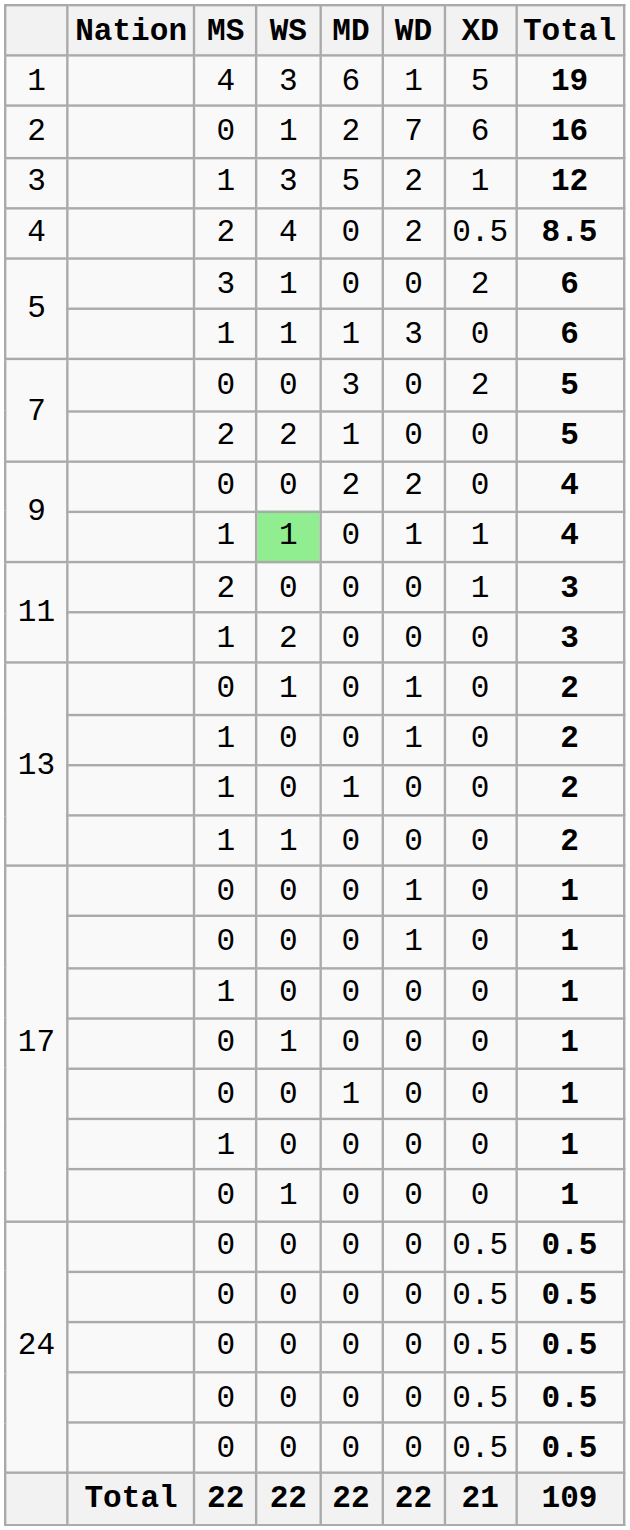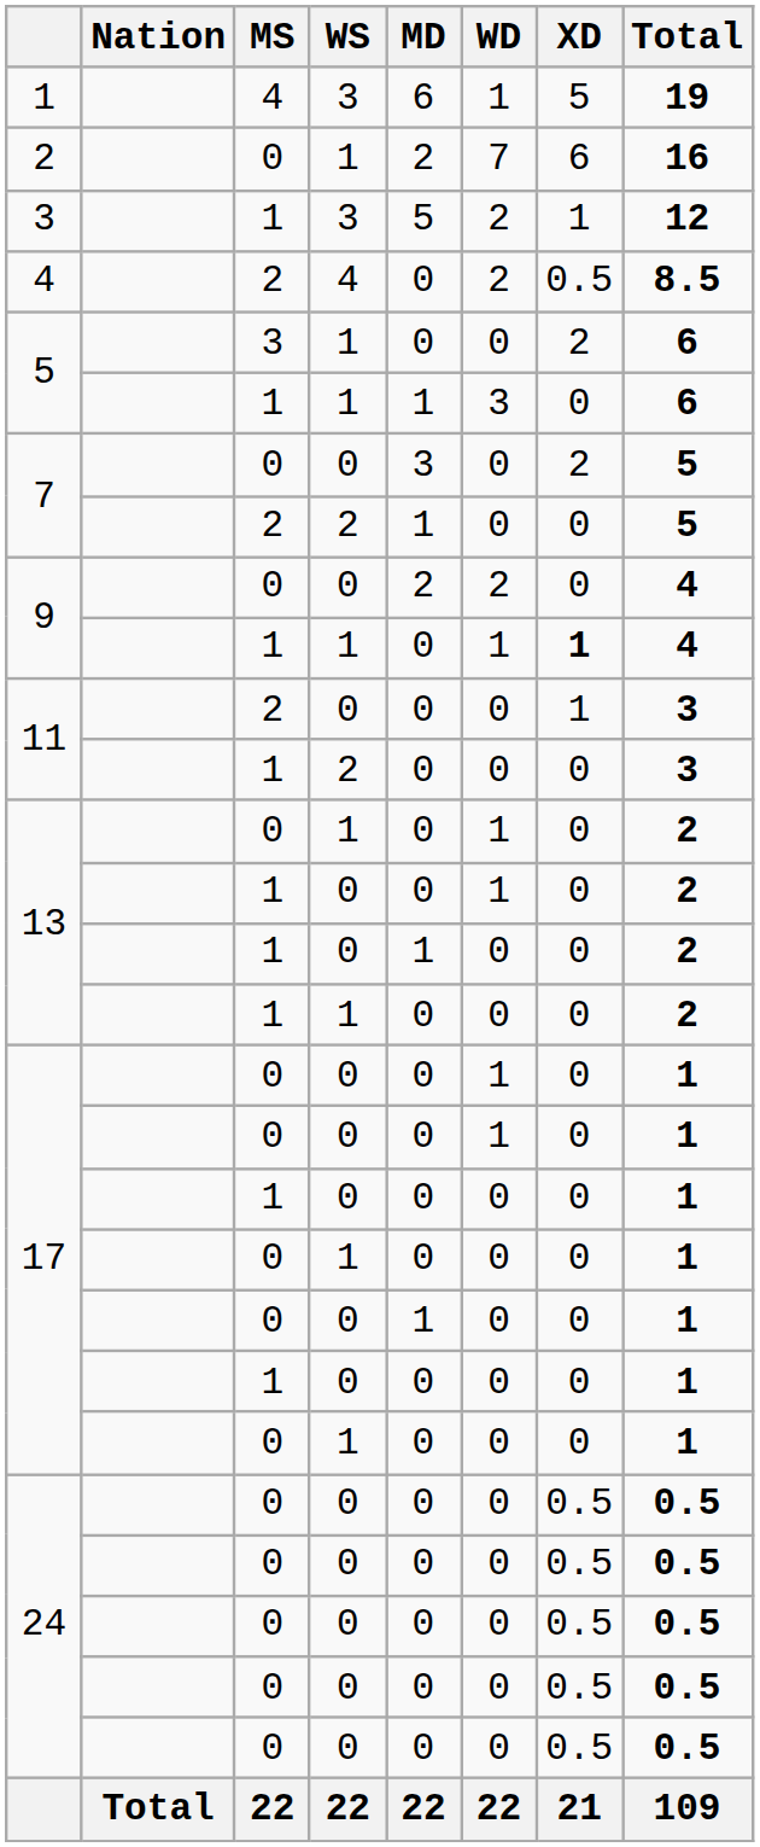 <table class="wikitable" style="text-align:center">
 <tr>
 <th width="20"></th>
 <th>Nation</th>
 <th width="20">MS</th>
 <th width="20">WS</th>
 <th width="20">MD</th>
 <th width="20">WD</th>
 <th width="20">XD</th>
 <th>Total</th>
 </tr>
 <tr>
 <td>1</td>
 <td align=left></td>
 <td>4</td>
 <td>3</td>
 <td>6</td>
 <td>1</td>
 <td>5</td>
 <td><strong>19</strong></td>
 </tr>
 <tr>
 <td>2</td>
 <td align=left></td>
 <td>0</td>
 <td>1</td>
 <td>2</td>
 <td>7</td>
 <td>6</td>
 <td><strong>16</strong></td>
 </tr>
 <tr>
 <td>3</td>
 <td align=left></td>
 <td>1</td>
 <td>3</td>
 <td>5</td>
 <td>2</td>
 <td>1</td>
 <td><strong>12</strong></td>
 </tr>
 <tr>
 <td>4</td>
 <td align=left><strong></strong></td>
 <td>2</td>
 <td>4</td>
 <td>0</td>
 <td>2</td>
 <td>0.5</td>
 <td><strong>8.5</strong></td>
 </tr>
 <tr>
 <td rowspan=2>5</td>
 <td align=left></td>
 <td>3</td>
 <td>1</td>
 <td>0</td>
 <td>0</td>
 <td>2</td>
 <td><strong>6</strong></td>
 </tr>
 <tr>
 <td align=left></td>
 <td>1</td>
 <td>1</td>
 <td>1</td>
 <td>3</td>
 <td>0</td>
 <td><strong>6</strong></td>
 </tr>
 <tr>
 <td rowspan=2>7</td>
 <td align=left></td>
 <td>0</td>
 <td>0</td>
 <td>3</td>
 <td>0</td>
 <td>2</td>
 <td><strong>5</strong></td>
 </tr>
 <tr>
 <td align=left></td>
 <td>2</td>
 <td>2</td>
 <td>1</td>
 <td>0</td>
 <td>0</td>
 <td><strong>5</strong></td>
 </tr>
 <tr>
 <td rowspan=2>9</td>
 <td align=left></td>
 <td>0</td>
 <td>0</td>
 <td>2</td>
 <td>2</td>
 <td>0</td>
 <td><strong>4</strong></td>
 </tr>
 <tr>
 <td align=left></td>
 <td>1</td>
-<td style="background: lightgreen;">1</td>
+<td>1</td>
 <td>0</td>
 <td>1</td>
-<td>1</td>
+<td><strong>1</strong></td>
 <td><strong>4</strong></td>
 </tr>
 <tr>
 <td rowspan=2>11</td>
 <td align=left></td>
 <td>2</td>
 <td>0</td>
 <td>0</td>
 <td>0</td>
 <td>1</td>
 <td><strong>3</strong></td>
 </tr>
 <tr>
 <td align=left></td>
 <td>1</td>
 <td>2</td>
 <td>0</td>
 <td>0</td>
 <td>0</td>
 <td><strong>3</strong></td>
 </tr>
 <tr>
 <td rowspan=4>13</td>
 <td align=left></td>
 <td>0</td>
 <td>1</td>
 <td>0</td>
 <td>1</td>
 <td>0</td>
 <td><strong>2</strong></td>
 </tr>
 <tr>
 <td align=left></td>
 <td>1</td>
 <td>0</td>
 <td>0</td>
 <td>1</td>
 <td>0</td>
 <td><strong>2</strong></td>
 </tr>
 <tr>
 <td align=left></td>
 <td>1</td>
 <td>0</td>
 <td>1</td>
 <td>0</td>
 <td>0</td>
 <td><strong>2</strong></td>
 </tr>
 <tr>
 <td align=left></td>
 <td>1</td>
 <td>1</td>
 <td>0</td>
 <td>0</td>
 <td>0</td>
 <td><strong>2</strong></td>
 </tr>
 <tr>
 <td rowspan=7>17</td>
 <td align=left></td>
 <td>0</td>
 <td>0</td>
 <td>0</td>
 <td>1</td>
 <td>0</td>
 <td><strong>1</strong></td>
 </tr>
 <tr>
 <td align=left></td>
 <td>0</td>
 <td>0</td>
 <td>0</td>
 <td>1</td>
 <td>0</td>
 <td><strong>1</strong></td>
 </tr>
 <tr>
 <td align=left></td>
 <td>1</td>
 <td>0</td>
 <td>0</td>
 <td>0</td>
 <td>0</td>
 <td><strong>1</strong></td>
 </tr>
 <tr>
 <td align=left></td>
 <td>0</td>
 <td>1</td>
 <td>0</td>
 <td>0</td>
 <td>0</td>
 <td><strong>1</strong></td>
 </tr>
 <tr>
 <td align=left></td>
 <td>0</td>
 <td>0</td>
 <td>1</td>
 <td>0</td>
 <td>0</td>
 <td><strong>1</strong></td>
 </tr>
 <tr>
 <td align=left></td>
 <td>1</td>
 <td>0</td>
 <td>0</td>
 <td>0</td>
 <td>0</td>
 <td><strong>1</strong></td>
 </tr>
 <tr>
 <td align=left></td>
 <td>0</td>
 <td>1</td>
 <td>0</td>
 <td>0</td>
 <td>0</td>
 <td><strong>1</strong></td>
 </tr>
 <tr>
 <td rowspan=5>24</td>
 <td align=left></td>
 <td>0</td>
 <td>0</td>
 <td>0</td>
 <td>0</td>
 <td>0.5</td>
 <td><strong>0.5</strong></td>
 </tr>
 <tr>
 <td align=left></td>
 <td>0</td>
 <td>0</td>
 <td>0</td>
 <td>0</td>
 <td>0.5</td>
 <td><strong>0.5</strong></td>
 </tr>
 <tr>
 <td align=left></td>
 <td>0</td>
 <td>0</td>
 <td>0</td>
 <td>0</td>
 <td>0.5</td>
 <td><strong>0.5</strong></td>
 </tr>
 <tr>
 <td align=left></td>
 <td>0</td>
 <td>0</td>
 <td>0</td>
 <td>0</td>
 <td>0.5</td>
 <td><strong>0.5</strong></td>
 </tr>
 <tr>
 <td align=left></td>
 <td>0</td>
 <td>0</td>
 <td>0</td>
 <td>0</td>
 <td>0.5</td>
 <td><strong>0.5</strong></td>
 </tr>
 <tr>
 <th></th>
 <th align=left>Total</th>
 <th>22</th>
 <th>22</th>
 <th>22</th>
 <th>22</th>
 <th>21</th>
 <th>109</th>
 </tr>
 </table>
